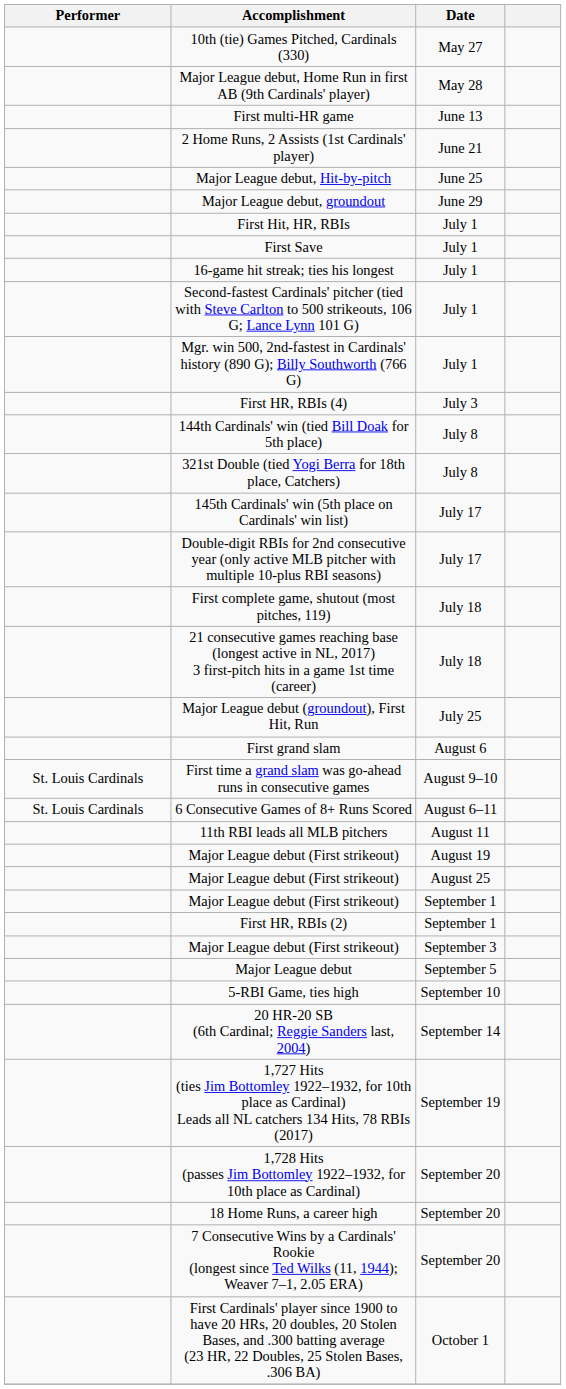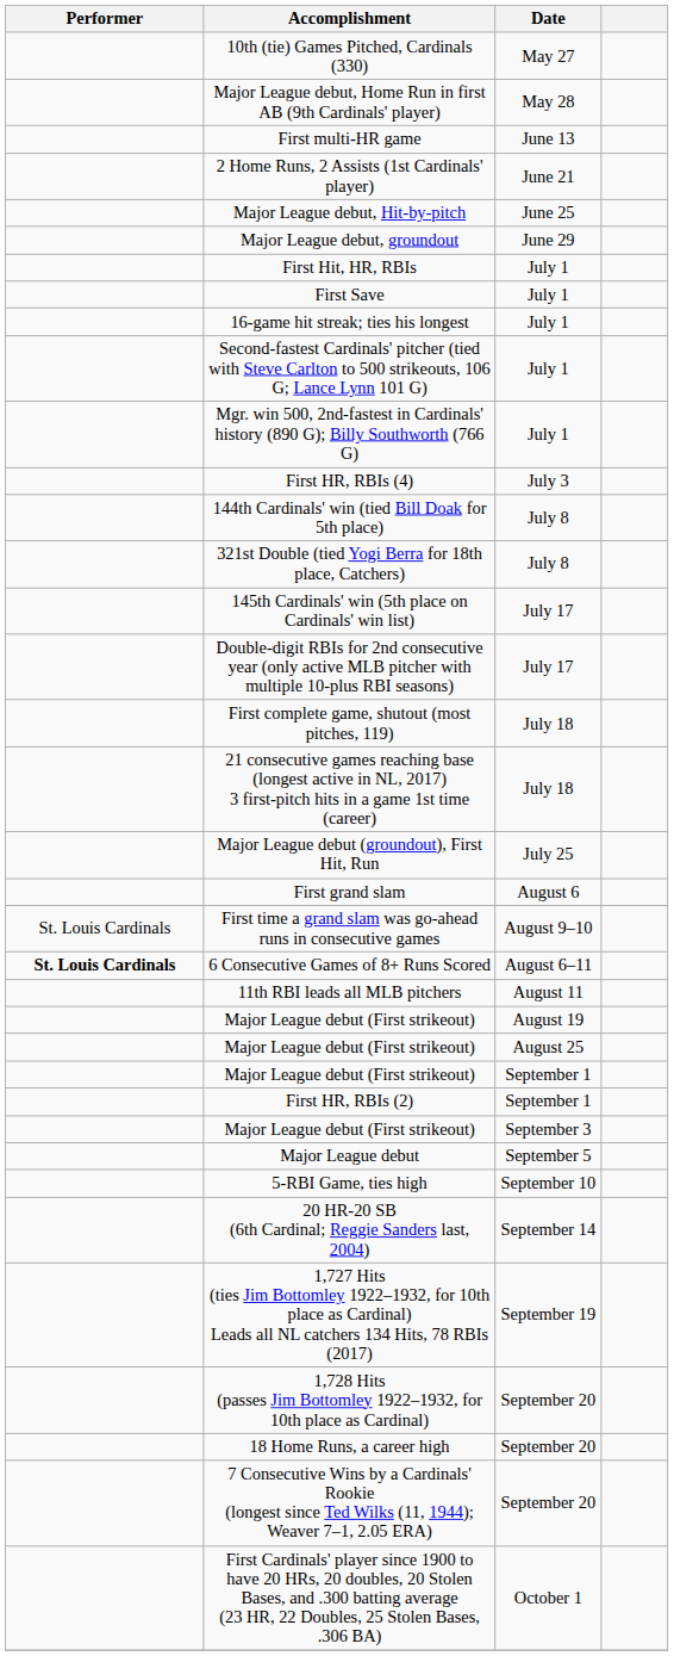 <table class="wikitable sortable" style="width:70%;">
 <tr align=center>
 <th style="width:30%;">Performer</th>
 <th style="width:44%;">Accomplishment</th>
 <th style="width:16%;" data-sort-type="date">Date</th>
 <th style="width:10%;"></th>
 </tr>
 <tr align=center>
 <td></td>
 <td>10th (tie) Games Pitched, Cardinals (330)</td>
 <td>May 27</td>
 <td></td>
 </tr>
 <tr align=center>
 <td></td>
 <td>Major League debut, Home Run in first AB (9th Cardinals' player)</td>
 <td>May 28</td>
 <td></td>
 </tr>
 <tr align=center>
 <td></td>
 <td>First multi-HR game</td>
 <td>June 13</td>
 <td></td>
 </tr>
 <tr align=center>
 <td></td>
 <td>2 Home Runs, 2 Assists (1st Cardinals' player)</td>
 <td>June 21</td>
 <td></td>
 </tr>
 <tr align=center>
 <td></td>
 <td>Major League debut, <a href='#'>Hit-by-pitch</a></td>
 <td>June 25</td>
 <td></td>
 </tr>
 <tr align=center>
 <td></td>
 <td>Major League debut, <a href='#'>groundout</a></td>
 <td>June 29</td>
 <td></td>
 </tr>
 <tr align=center>
 <td></td>
 <td>First Hit, HR, RBIs</td>
 <td>July 1</td>
 <td></td>
 </tr>
 <tr align=center>
 <td></td>
 <td>First Save</td>
 <td>July 1</td>
 <td></td>
 </tr>
 <tr align=center>
 <td></td>
 <td>16-game hit streak; ties his longest</td>
 <td>July 1</td>
 <td></td>
 </tr>
 <tr align=center>
 <td></td>
 <td>Second-fastest Cardinals' pitcher (tied with <a href='#'>Steve Carlton</a> to 500 strikeouts, 106 G; <a href='#'>Lance Lynn</a> 101 G)</td>
 <td>July 1</td>
 <td></td>
 </tr>
 <tr align=center>
 <td></td>
 <td>Mgr. win 500, 2nd-fastest in Cardinals' history (890 G); <a href='#'>Billy Southworth</a> (766 G)</td>
 <td>July 1</td>
 <td></td>
 </tr>
 <tr align=center>
 <td></td>
 <td>First HR, RBIs (4)</td>
 <td>July 3</td>
 <td></td>
 </tr>
 <tr align=center>
 <td></td>
 <td>144th Cardinals' win (tied <a href='#'>Bill Doak</a> for 5th place)</td>
 <td>July 8</td>
 <td></td>
 </tr>
 <tr align=center>
 <td></td>
 <td>321st Double (tied <a href='#'>Yogi Berra</a> for 18th place, Catchers)</td>
 <td>July 8</td>
 <td></td>
 </tr>
 <tr align=center>
 <td></td>
 <td>145th Cardinals' win (5th place on Cardinals' win list)</td>
 <td>July 17</td>
 <td></td>
 </tr>
 <tr align=center>
 <td></td>
 <td>Double-digit RBIs for 2nd consecutive year (only active MLB pitcher with multiple 10-plus RBI seasons)</td>
 <td>July 17</td>
 <td></td>
 </tr>
 <tr align=center>
 <td></td>
 <td>First complete game, shutout (most pitches, 119)</td>
 <td>July 18</td>
 <td></td>
 </tr>
 <tr align=center>
 <td></td>
 <td>21 consecutive games reaching base <br>(longest active in NL, 2017) <br>3 first-pitch hits in a game 1st time (career)</td>
 <td>July 18</td>
 <td></td>
 </tr>
 <tr align=center>
 <td></td>
 <td>Major League debut (<a href='#'>groundout</a>), First Hit, Run</td>
 <td>July 25</td>
 <td></td>
 </tr>
 <tr align=center>
 <td></td>
 <td>First grand slam</td>
 <td>August 6</td>
 <td></td>
 </tr>
 <tr align=center>
 <td>St. Louis Cardinals</td>
 <td>First time a <a href='#'>grand slam</a> was go-ahead runs in consecutive games </td>
 <td>August 9–10</td>
 <td></td>
 </tr>
 <tr align=center>
-<td>St. Louis Cardinals</td>
+<td><strong>St. Louis Cardinals</strong></td>
 <td>6 Consecutive Games of 8+ Runs Scored</td>
 <td>August 6–11</td>
 <td></td>
 </tr>
 <tr align=center>
 <td></td>
 <td>11th RBI leads all MLB pitchers</td>
 <td>August 11</td>
 <td></td>
 </tr>
 <tr align=center>
 <td></td>
 <td>Major League debut (First strikeout)</td>
 <td>August 19</td>
 <td></td>
 </tr>
 <tr align=center>
 <td></td>
 <td>Major League debut (First strikeout)</td>
 <td>August 25</td>
 <td></td>
 </tr>
 <tr align=center>
 <td></td>
 <td>Major League debut (First strikeout)</td>
 <td>September 1</td>
 <td></td>
 </tr>
 <tr align=center>
 <td></td>
 <td>First HR, RBIs (2)</td>
 <td>September 1</td>
 <td></td>
 </tr>
 <tr align=center>
 <td></td>
 <td>Major League debut (First strikeout)</td>
 <td>September 3</td>
 <td></td>
 </tr>
 <tr align=center>
 <td></td>
 <td>Major League debut</td>
 <td>September 5</td>
 <td></td>
 </tr>
 <tr align=center>
 <td></td>
 <td>5-RBI Game, ties high</td>
 <td>September 10</td>
 <td></td>
 </tr>
 <tr align=center>
 <td></td>
 <td>20 HR-20 SB <br>(6th Cardinal; <a href='#'>Reggie Sanders</a> last, <a href='#'>2004</a>)</td>
 <td>September 14</td>
 <td></td>
 </tr>
 <tr align=center>
 <td></td>
 <td>1,727 Hits <br> (ties <a href='#'>Jim Bottomley</a> 1922–1932, for 10th place as Cardinal) <br> Leads all NL catchers 134 Hits, 78 RBIs (2017)</td>
 <td>September 19</td>
 <td></td>
 </tr>
 <tr align=center>
 <td></td>
 <td>1,728 Hits <br> (passes <a href='#'>Jim Bottomley</a> 1922–1932, for 10th place as Cardinal)</td>
 <td>September 20</td>
 <td></td>
 </tr>
 <tr align=center>
 <td></td>
 <td>18 Home Runs, a career high</td>
 <td>September 20</td>
 <td></td>
 </tr>
 <tr align=center>
 <td></td>
 <td>7 Consecutive Wins by a Cardinals' Rookie <br> (longest since <a href='#'>Ted Wilks</a> (11, <a href='#'>1944</a>); Weaver 7–1, 2.05 ERA)</td>
 <td>September 20</td>
 <td></td>
 </tr>
 <tr align=center>
 <td></td>
 <td>First Cardinals' player since 1900 to have 20 HRs, 20 doubles, 20 Stolen Bases, and .300 batting average <br> (23 HR, 22 Doubles, 25 Stolen Bases, .306 BA)</td>
 <td>October 1</td>
 <td></td>
 </tr>
 <tr align=center>
 </tr>
 </table>
